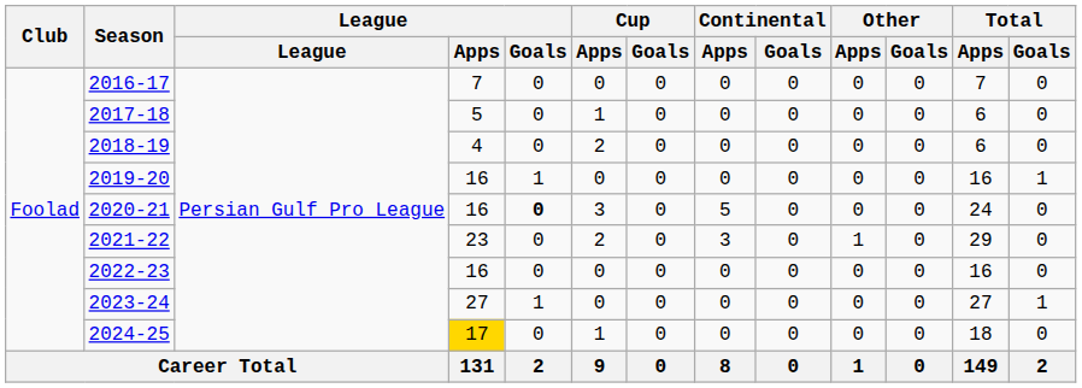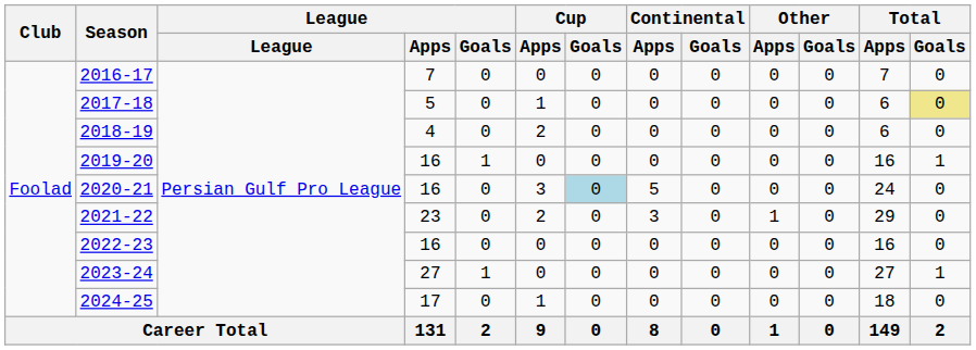 <table class="wikitable"style="text-align:center;">
 <tr>
 <th rowspan=2>Club</th>
 <th rowspan=2>Season</th>
 <th colspan=3>League</th>
 <th colspan=2>Cup</th>
 <th colspan=2>Continental</th>
 <th colspan=2>Other</th>
 <th colspan=2>Total</th>
 </tr>
 <tr>
 <th>League</th>
 <th>Apps</th>
 <th>Goals</th>
 <th>Apps</th>
 <th>Goals</th>
 <th>Apps</th>
 <th>Goals</th>
 <th>Apps</th>
 <th>Goals</th>
 <th>Apps</th>
 <th>Goals</th>
 </tr>
 <tr>
 <td rowspan="9"><a href='#'>Foolad</a></td>
 <td><a href='#'>2016-17</a></td>
 <td rowspan="9"><a href='#'>Persian Gulf Pro League</a></td>
 <td>7</td>
 <td>0</td>
 <td>0</td>
 <td>0</td>
 <td>0</td>
 <td>0</td>
 <td>0</td>
 <td>0</td>
 <td>7</td>
 <td>0</td>
 </tr>
 <tr>
 <td><a href='#'>2017-18</a></td>
 <td>5</td>
 <td>0</td>
 <td>1</td>
 <td>0</td>
 <td>0</td>
 <td>0</td>
 <td>0</td>
 <td>0</td>
 <td>6</td>
-<td>0</td>
+<td style="background: khaki;">0</td>
 </tr>
 <tr>
 <td><a href='#'>2018-19</a></td>
 <td>4</td>
 <td>0</td>
 <td>2</td>
 <td>0</td>
 <td>0</td>
 <td>0</td>
 <td>0</td>
 <td>0</td>
 <td>6</td>
 <td>0</td>
 </tr>
 <tr>
 <td><a href='#'>2019-20</a></td>
 <td>16</td>
 <td>1</td>
 <td>0</td>
 <td>0</td>
 <td>0</td>
 <td>0</td>
 <td>0</td>
 <td>0</td>
 <td>16</td>
 <td>1</td>
 </tr>
 <tr>
 <td><a href='#'>2020-21</a></td>
 <td>16</td>
-<td><strong>0</strong></td>
+<td>0</td>
 <td>3</td>
-<td>0</td>
+<td style="background: lightblue;">0</td>
 <td>5</td>
 <td>0</td>
 <td>0</td>
 <td>0</td>
 <td>24</td>
 <td>0</td>
 </tr>
 <tr>
 <td><a href='#'>2021-22</a></td>
 <td>23</td>
 <td>0</td>
 <td>2</td>
 <td>0</td>
 <td>3</td>
 <td>0</td>
 <td>1</td>
 <td>0</td>
 <td>29</td>
 <td>0</td>
 </tr>
 <tr>
 <td><a href='#'>2022-23</a></td>
 <td>16</td>
 <td>0</td>
 <td>0</td>
 <td>0</td>
 <td>0</td>
 <td>0</td>
 <td>0</td>
 <td>0</td>
 <td>16</td>
 <td>0</td>
 </tr>
 <tr>
 <td><a href='#'>2023-24</a></td>
 <td>27</td>
 <td>1</td>
 <td>0</td>
 <td>0</td>
 <td>0</td>
 <td>0</td>
 <td>0</td>
 <td>0</td>
 <td>27</td>
 <td>1</td>
 </tr>
 <tr>
 <td><a href='#'>2024-25</a></td>
-<td style="background: gold;">17</td>
+<td>17</td>
 <td>0</td>
 <td>1</td>
 <td>0</td>
 <td>0</td>
 <td>0</td>
 <td>0</td>
 <td>0</td>
 <td>18</td>
 <td>0</td>
 </tr>
 <tr>
 <th colspan=3>Career Total</th>
 <th>131</th>
 <th>2</th>
 <th>9</th>
 <th>0</th>
 <th>8</th>
 <th>0</th>
 <th>1</th>
 <th>0</th>
 <th>149</th>
 <th>2</th>
 </tr>
 </table>
